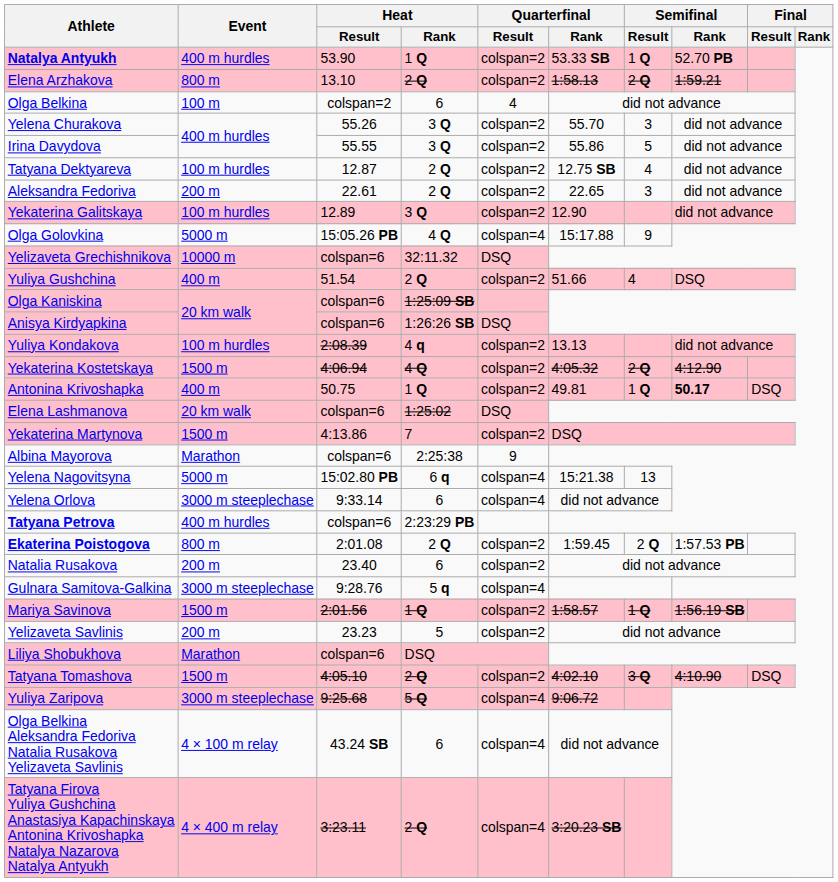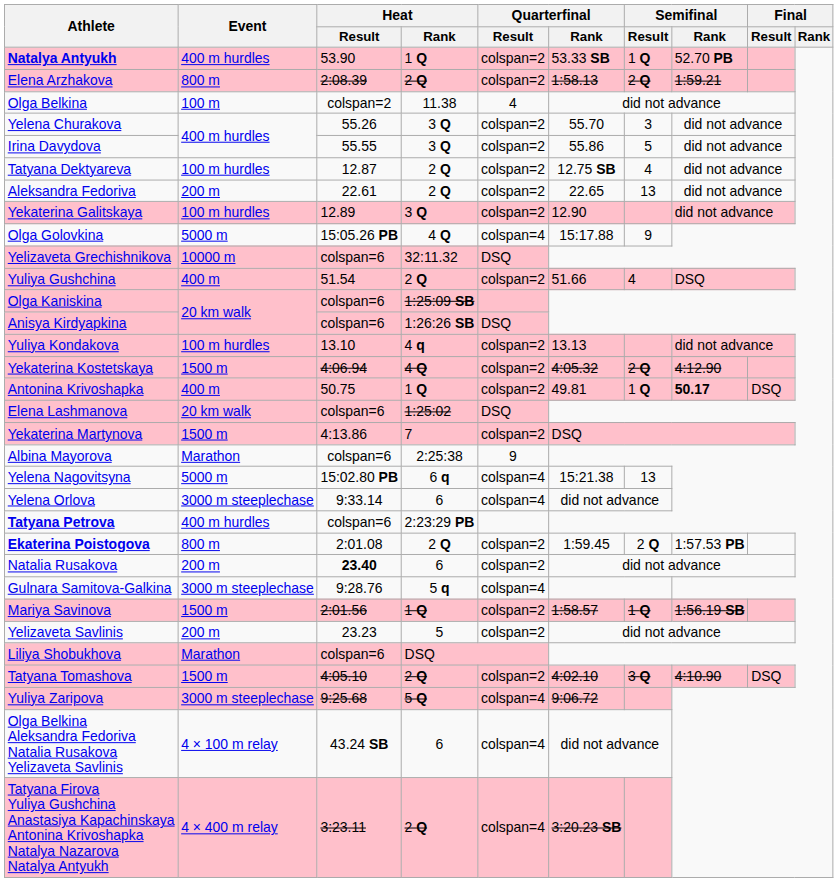 <table class="wikitable" style="font-size:90%">
 <tr>
 <th rowspan="2">Athlete</th>
 <th rowspan="2">Event</th>
 <th colspan="2">Heat</th>
 <th colspan="2">Quarterfinal</th>
 <th colspan="2">Semifinal</th>
 <th colspan="2">Final</th>
 </tr>
 <tr style="font-size:95%">
 <th>Result</th>
 <th>Rank</th>
 <th>Result</th>
 <th>Rank</th>
 <th>Result</th>
 <th>Rank</th>
 <th>Result</th>
 <th>Rank</th>
 </tr>
 <tr bgcolor=pink>
 <td align=left><strong><a href='#'>Natalya Antyukh</a></strong></td>
 <td align=left><a href='#'>400 m hurdles</a></td>
 <td>53.90</td>
 <td>1 <strong>Q</strong></td>
 <td>colspan=2 </td>
 <td>53.33  <strong>SB</strong></td>
 <td>1 <strong>Q</strong></td>
 <td>52.70 <strong>PB</strong></td>
 <td></td>
 </tr>
 <tr bgcolor=pink>
 <td align=left><a href='#'>Elena Arzhakova</a></td>
 <td align=left><a href='#'>800 m</a></td>
-<td>13.10</td>
+<td><s>2:08.39</s></td>
 <td><s>2 <strong>Q</strong></s></td>
 <td>colspan=2 </td>
 <td><s>1:58.13</s></td>
 <td><s>2 <strong>Q</strong></s></td>
 <td><s>1:59.21</s></td>
 <td></td>
 </tr>
 <tr align=center>
 <td align=left><a href='#'>Olga Belkina</a></td>
 <td align=left><a href='#'>100 m</a></td>
 <td>colspan=2 </td>
-<td>6</td>
+<td>11.38</td>
 <td>4</td>
 <td colspan=4>did not advance</td>
 </tr>
 <tr align=center>
 <td align=left><a href='#'>Yelena Churakova</a></td>
 <td align=left rowspan=2><a href='#'>400 m hurdles</a></td>
 <td>55.26</td>
 <td>3 <strong>Q</strong></td>
 <td>colspan=2 </td>
 <td>55.70</td>
 <td>3</td>
 <td colspan=2>did not advance</td>
 </tr>
 <tr align=center>
 <td align=left><a href='#'>Irina Davydova</a></td>
 <td>55.55</td>
 <td>3 <strong>Q</strong></td>
 <td>colspan=2 </td>
 <td>55.86</td>
 <td>5</td>
 <td colspan=2>did not advance</td>
 </tr>
 <tr align=center>
 <td align=left><a href='#'>Tatyana Dektyareva</a></td>
 <td align=left><a href='#'>100 m hurdles</a></td>
 <td>12.87</td>
 <td>2 <strong>Q</strong></td>
 <td>colspan=2 </td>
 <td>12.75 <strong>SB</strong></td>
 <td>4</td>
 <td colspan=2>did not advance</td>
 </tr>
 <tr align=center>
 <td align=left><a href='#'>Aleksandra Fedoriva</a></td>
 <td align=left><a href='#'>200 m</a></td>
 <td>22.61</td>
 <td>2 <strong>Q</strong></td>
 <td>colspan=2 </td>
 <td>22.65</td>
-<td>3</td>
+<td>13</td>
 <td colspan=2>did not advance</td>
 </tr>
 <tr bgcolor=pink>
 <td align=left><a href='#'>Yekaterina Galitskaya</a></td>
 <td align=left><a href='#'>100 m hurdles</a></td>
 <td>12.89</td>
 <td>3 <strong>Q</strong></td>
 <td>colspan=2 </td>
 <td>12.90</td>
 <td></td>
 <td colspan=2>did not advance</td>
 </tr>
 <tr align=center>
 <td align=left><a href='#'>Olga Golovkina</a></td>
 <td align=left><a href='#'>5000 m</a></td>
 <td>15:05.26 <strong>PB</strong></td>
 <td>4 <strong>Q</strong></td>
 <td>colspan=4 </td>
 <td>15:17.88</td>
 <td>9</td>
 </tr>
 <tr bgcolor=pink>
 <td align=left><a href='#'>Yelizaveta Grechishnikova</a></td>
 <td align=left><a href='#'>10000 m</a></td>
 <td>colspan=6 </td>
 <td>32:11.32</td>
 <td>DSQ</td>
 </tr>
 <tr bgcolor=pink>
 <td align=left><a href='#'>Yuliya Gushchina</a></td>
 <td align=left><a href='#'>400 m</a></td>
 <td>51.54</td>
 <td>2 <strong>Q</strong></td>
 <td>colspan=2 </td>
 <td>51.66</td>
 <td>4</td>
 <td colspan=2>DSQ</td>
 </tr>
 <tr bgcolor=pink>
 <td align=left><a href='#'>Olga Kaniskina</a></td>
 <td align=left rowspan=2><a href='#'>20 km walk</a></td>
 <td>colspan=6 </td>
 <td><s>1:25:09 <strong>SB</strong></s></td>
 <td> </td>
 </tr>
 <tr bgcolor=pink>
 <td align=left><a href='#'>Anisya Kirdyapkina</a></td>
 <td>colspan=6 </td>
 <td>1:26:26 <strong>SB</strong></td>
 <td>DSQ</td>
 </tr>
 <tr bgcolor=pink>
 <td align=left><a href='#'>Yuliya Kondakova</a></td>
 <td align=left><a href='#'>100 m hurdles</a></td>
-<td><s>2:08.39</s></td>
+<td>13.10</td>
 <td>4 <strong>q</strong></td>
 <td>colspan=2 </td>
 <td>13.13</td>
 <td></td>
 <td colspan=2>did not advance</td>
 </tr>
 <tr bgcolor=pink>
 <td align=left><a href='#'>Yekaterina Kostetskaya</a></td>
 <td align=left><a href='#'>1500 m</a></td>
 <td><s>4:06.94</s></td>
 <td><s>4 <strong>Q</strong></s></td>
 <td>colspan=2 </td>
 <td><s>4:05.32 </s></td>
 <td><s>2 <strong>Q</strong></s></td>
 <td><s>4:12.90</s></td>
 <td></td>
 </tr>
 <tr bgcolor=pink>
 <td align=left><a href='#'>Antonina Krivoshapka</a></td>
 <td align=left><a href='#'>400 m</a></td>
 <td>50.75</td>
 <td>1 <strong>Q</strong></td>
 <td>colspan=2 </td>
 <td>49.81</td>
 <td>1 <strong>Q</strong></td>
 <td><strong>50.17</strong></td>
 <td>DSQ</td>
 </tr>
 <tr bgcolor=pink>
 <td align=left><a href='#'>Elena Lashmanova</a></td>
 <td align=left><a href='#'>20 km walk</a></td>
 <td>colspan=6 </td>
 <td><s>1:25:02 </s></td>
 <td>DSQ</td>
 </tr>
 <tr bgcolor=pink>
 <td align=left><a href='#'>Yekaterina Martynova</a></td>
 <td align=left><a href='#'>1500 m</a></td>
 <td>4:13.86</td>
 <td>7</td>
 <td>colspan=2 </td>
 <td colspan=4>DSQ</td>
 </tr>
 <tr align=center>
 <td align=left><a href='#'>Albina Mayorova</a></td>
 <td align=left><a href='#'>Marathon</a></td>
 <td>colspan=6 </td>
 <td>2:25:38</td>
 <td>9</td>
 </tr>
 <tr align=center>
 <td align=left><a href='#'>Yelena Nagovitsyna</a></td>
 <td align=left><a href='#'>5000 m</a></td>
 <td>15:02.80 <strong>PB</strong></td>
 <td>6 <strong>q</strong></td>
 <td>colspan=4 </td>
 <td>15:21.38</td>
 <td>13</td>
 </tr>
 <tr align=center>
 <td align=left><a href='#'>Yelena Orlova</a></td>
 <td align=left><a href='#'>3000 m steeplechase</a></td>
 <td>9:33.14</td>
 <td>6</td>
 <td>colspan=4 </td>
 <td colspan=2>did not advance</td>
 </tr>
 <tr align=center>
 <td align=left><strong><a href='#'>Tatyana Petrova</a></strong></td>
 <td align=left><a href='#'>400 m hurdles</a></td>
 <td>colspan=6 </td>
 <td>2:23:29 <strong>PB</strong></td>
 <td></td>
 </tr>
 <tr align=center>
 <td align=left><strong><a href='#'>Ekaterina Poistogova</a></strong></td>
 <td align=left><a href='#'>800 m</a></td>
 <td>2:01.08</td>
 <td>2 <strong>Q</strong></td>
 <td>colspan=2 </td>
 <td>1:59.45</td>
 <td>2 <strong>Q</strong></td>
 <td>1:57.53 <strong>PB</strong></td>
 <td></td>
 </tr>
 <tr align=center>
 <td align=left><a href='#'>Natalia Rusakova</a></td>
 <td align=left><a href='#'>200 m</a></td>
-<td>23.40</td>
+<td><strong>23.40</strong></td>
 <td>6</td>
 <td>colspan=2 </td>
 <td colspan=4>did not advance</td>
 </tr>
 <tr align=center>
 <td align=left><a href='#'>Gulnara Samitova-Galkina</a></td>
 <td align=left><a href='#'>3000 m steeplechase</a></td>
 <td>9:28.76</td>
 <td>5 <strong>q</strong></td>
 <td>colspan=4 </td>
 <td colspan=2></td>
 </tr>
 <tr bgcolor=pink>
 <td align=left><a href='#'>Mariya Savinova</a></td>
 <td align=left><a href='#'>1500 m</a></td>
 <td><s>2:01.56</s></td>
 <td><s>1 <strong>Q</strong></s></td>
 <td>colspan=2 </td>
 <td><s>1:58.57</s></td>
 <td><s>1 <strong>Q</strong></s></td>
 <td><s>1:56.19 <strong>SB</strong></s></td>
 <td></td>
 </tr>
 <tr align=center>
 <td align=left><a href='#'>Yelizaveta Savlinis</a></td>
 <td align=left><a href='#'>200 m</a></td>
 <td>23.23</td>
 <td>5</td>
 <td>colspan=2 </td>
 <td colspan=4>did not advance</td>
 </tr>
 <tr bgcolor=pink>
 <td align=left><a href='#'>Liliya Shobukhova</a></td>
 <td align=left><a href='#'>Marathon</a></td>
 <td>colspan=6 </td>
 <td colspan=2> DSQ</td>
 </tr>
 <tr bgcolor=pink>
 <td align=left><a href='#'>Tatyana Tomashova</a></td>
 <td align=left><a href='#'>1500 m</a></td>
 <td><s>4:05.10</s></td>
 <td><s>2 <strong>Q</strong></s></td>
 <td>colspan=2 </td>
 <td><s>4:02.10</s></td>
 <td><s>3 <strong>Q</strong></s></td>
 <td><s>4:10.90</s></td>
 <td>DSQ</td>
 </tr>
 <tr bgcolor=pink>
 <td align=left><a href='#'>Yuliya Zaripova</a></td>
 <td align=left><a href='#'>3000 m steeplechase</a></td>
 <td><s>9:25.68</s></td>
 <td><s>5 <strong>Q</strong></s></td>
 <td>colspan=4 </td>
 <td><s>9:06.72</s></td>
 <td></td>
 </tr>
 <tr align=center>
 <td align=left><a href='#'>Olga Belkina</a><br><a href='#'>Aleksandra Fedoriva</a><br><a href='#'>Natalia Rusakova</a><br><a href='#'>Yelizaveta Savlinis</a></td>
 <td align=left><a href='#'>4 × 100 m relay</a></td>
 <td>43.24 <strong>SB</strong></td>
 <td>6</td>
 <td>colspan=4 </td>
 <td colspan=2>did not advance</td>
 </tr>
 <tr bgcolor=pink>
 <td align=left><a href='#'>Tatyana Firova</a><br><a href='#'>Yuliya Gushchina</a><br><a href='#'>Anastasiya Kapachinskaya</a><br><a href='#'>Antonina Krivoshapka</a><br><a href='#'>Natalya Nazarova</a><br><a href='#'>Natalya Antyukh</a></td>
 <td align=left><a href='#'>4 × 400 m relay</a></td>
 <td><s>3:23.11</s></td>
 <td><s>2 <strong>Q</strong></s></td>
 <td>colspan=4 </td>
 <td><s>3:20.23 <strong>SB</strong></s></td>
 <td></td>
 </tr>
 </table>
